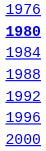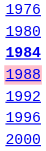 <table>
 <tr>
 <td><a href='#'>1976</a></td>
 <td></td>
 <td></td>
 <td></td>
 </tr>
 <tr>
-<td><strong><a href='#'>1980</a></strong></td>
+<td><a href='#'>1980</a></td>
 <td></td>
 <td></td>
 <td></td>
 </tr>
 <tr>
-<td><a href='#'>1984</a></td>
+<td><strong><a href='#'>1984</a></strong></td>
 <td></td>
 <td></td>
 <td></td>
 </tr>
 <tr>
-<td><a href='#'>1988</a></td>
+<td style="background: pink;"><a href='#'>1988</a></td>
 <td></td>
 <td></td>
 <td></td>
 </tr>
 <tr>
 <td><a href='#'>1992</a></td>
 <td></td>
 <td></td>
 <td></td>
 </tr>
 <tr>
 <td><a href='#'>1996</a></td>
 <td></td>
 <td></td>
 <td></td>
 </tr>
 <tr>
 <td><a href='#'>2000</a></td>
 <td></td>
 <td></td>
 <td></td>
 </tr>
 </table>
